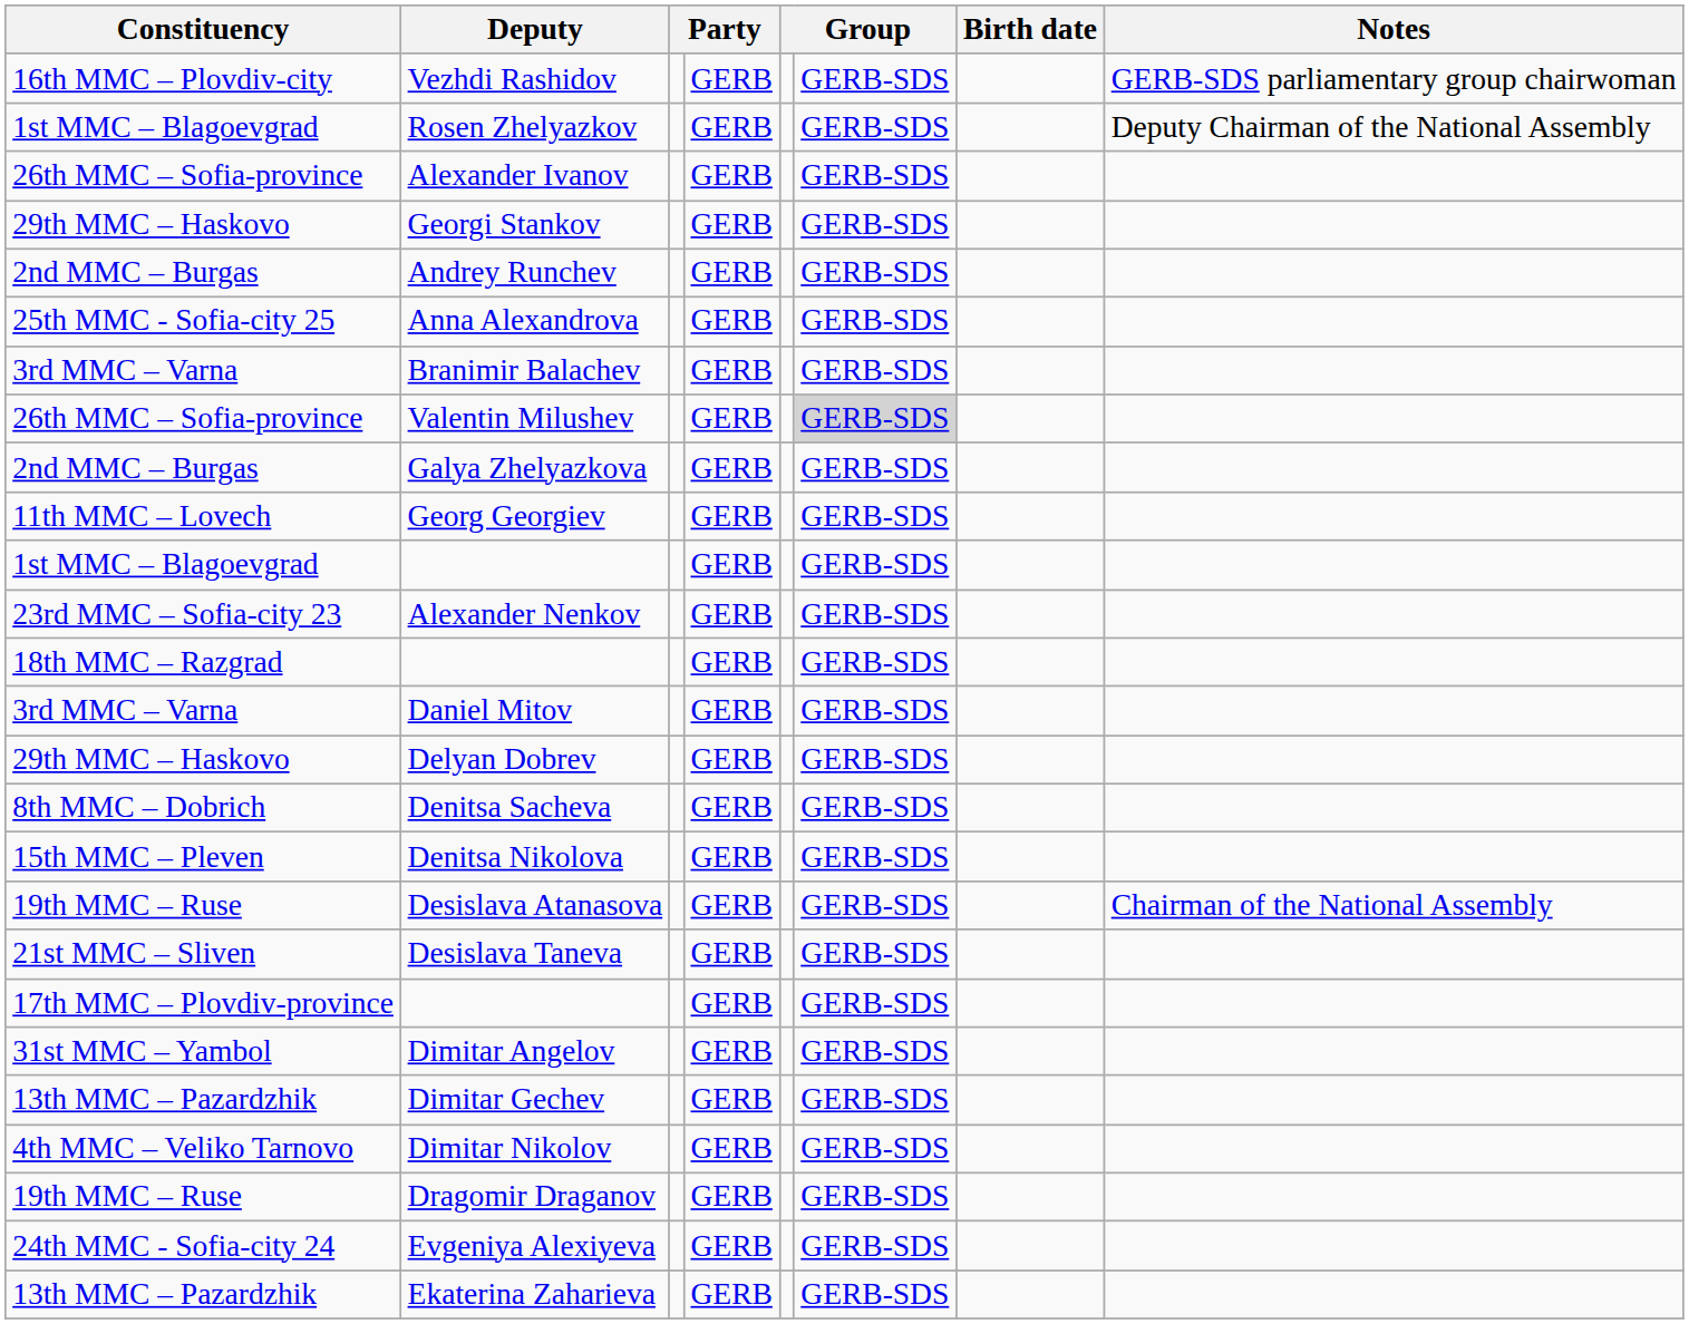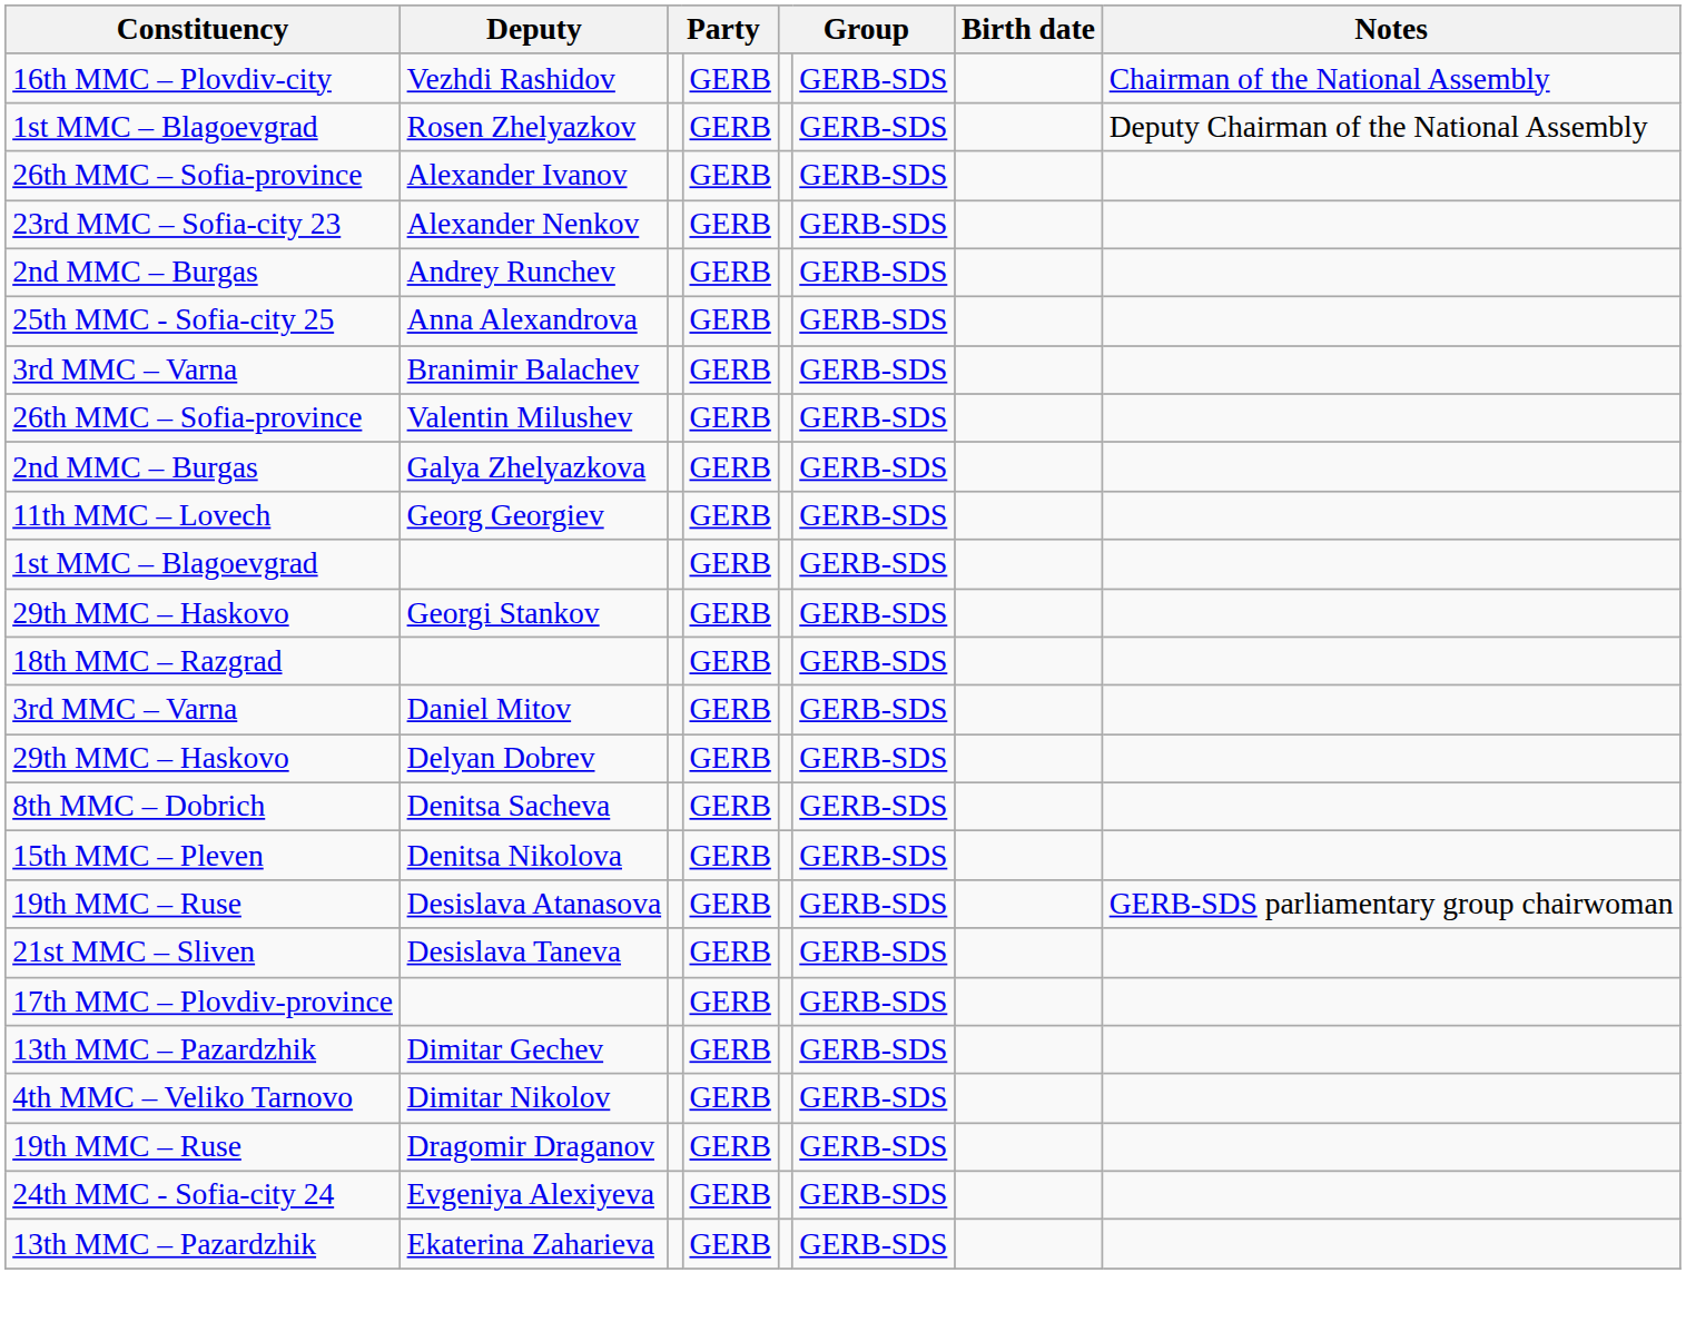 <table class="wikitable sortable" style="text-align:left">
 <tr>
 <th>Constituency</th>
 <th>Deputy</th>
 <th colspan="2">Party</th>
 <th colspan="2">Group</th>
 <th>Birth date</th>
 <th>Notes</th>
 </tr>
 <tr>
 <td><a href='#'>16th MMC – Plovdiv-city</a></td>
 <td><a href='#'>Vezhdi Rashidov</a></td>
 <td style="background: "></td>
 <td><a href='#'>GERB</a></td>
 <td style="background: "></td>
 <td><a href='#'>GERB-SDS</a></td>
 <td></td>
-<td><a href='#'>GERB-SDS</a> parliamentary group chairwoman</td>
+<td><a href='#'>Chairman of the National Assembly</a></td>
 </tr>
 <tr>
 <td><a href='#'>1st MMC – Blagoevgrad</a></td>
 <td><a href='#'>Rosen Zhelyazkov</a></td>
 <td style="background: "></td>
 <td><a href='#'>GERB</a></td>
 <td style="background: "></td>
 <td><a href='#'>GERB-SDS</a></td>
 <td></td>
 <td>Deputy Chairman of the National Assembly</td>
 </tr>
 <tr>
 <td><a href='#'>26th MMC – Sofia-province</a></td>
 <td><a href='#'>Alexander Ivanov</a></td>
 <td style="background: "></td>
 <td><a href='#'>GERB</a></td>
 <td style="background: "></td>
 <td><a href='#'>GERB-SDS</a></td>
 <td></td>
 <td></td>
 </tr>
 <tr>
-<td><a href='#'>29th MMC – Haskovo</a></td>
-<td><a href='#'>Georgi Stankov</a></td>
+<td><a href='#'>23rd MMC – Sofia-city 23</a></td>
+<td><a href='#'>Alexander Nenkov</a></td>
 <td style="background: "></td>
 <td><a href='#'>GERB</a></td>
 <td style="background: "></td>
 <td><a href='#'>GERB-SDS</a></td>
 <td></td>
 <td></td>
 </tr>
 <tr>
 <td><a href='#'>2nd MMC – Burgas</a></td>
 <td><a href='#'>Andrey Runchev</a></td>
 <td style="background: "></td>
 <td><a href='#'>GERB</a></td>
 <td style="background: "></td>
 <td><a href='#'>GERB-SDS</a></td>
 <td></td>
 <td></td>
 </tr>
 <tr>
 <td><a href='#'>25th MMC - Sofia-city 25</a></td>
 <td><a href='#'>Anna Alexandrova</a></td>
 <td style="background: "></td>
 <td><a href='#'>GERB</a></td>
 <td style="background: "></td>
 <td><a href='#'>GERB-SDS</a></td>
 <td></td>
 <td></td>
 </tr>
 <tr>
 <td><a href='#'>3rd MMC – Varna</a></td>
 <td><a href='#'>Branimir Balachev</a></td>
 <td style="background: "></td>
 <td><a href='#'>GERB</a></td>
 <td style="background: "></td>
 <td><a href='#'>GERB-SDS</a></td>
 <td></td>
 <td></td>
 </tr>
 <tr>
 <td><a href='#'>26th MMC – Sofia-province</a></td>
 <td><a href='#'>Valentin Milushev</a></td>
 <td style="background: "></td>
 <td><a href='#'>GERB</a></td>
 <td style="background: "></td>
-<td style="background: lightgrey;"><a href='#'>GERB-SDS</a></td>
+<td><a href='#'>GERB-SDS</a></td>
 <td></td>
 <td></td>
 </tr>
 <tr>
 <td><a href='#'>2nd MMC – Burgas</a></td>
 <td><a href='#'>Galya Zhelyazkova</a></td>
 <td style="background: "></td>
 <td><a href='#'>GERB</a></td>
 <td style="background: "></td>
 <td><a href='#'>GERB-SDS</a></td>
 <td></td>
 <td></td>
 </tr>
 <tr>
 <td><a href='#'>11th MMC – Lovech</a></td>
 <td><a href='#'>Georg Georgiev</a></td>
 <td style="background: "></td>
 <td><a href='#'>GERB</a></td>
 <td style="background: "></td>
 <td><a href='#'>GERB-SDS</a></td>
 <td></td>
 <td></td>
 </tr>
 <tr>
 <td><a href='#'>1st MMC – Blagoevgrad</a></td>
 <td></td>
 <td style="background: "></td>
 <td><a href='#'>GERB</a></td>
 <td style="background: "></td>
 <td><a href='#'>GERB-SDS</a></td>
 <td></td>
 <td></td>
 </tr>
 <tr>
-<td><a href='#'>23rd MMC – Sofia-city 23</a></td>
-<td><a href='#'>Alexander Nenkov</a></td>
+<td><a href='#'>29th MMC – Haskovo</a></td>
+<td><a href='#'>Georgi Stankov</a></td>
 <td style="background: "></td>
 <td><a href='#'>GERB</a></td>
 <td style="background: "></td>
 <td><a href='#'>GERB-SDS</a></td>
 <td></td>
 <td></td>
 </tr>
 <tr>
 <td><a href='#'>18th MMC – Razgrad</a></td>
 <td></td>
 <td style="background: "></td>
 <td><a href='#'>GERB</a></td>
 <td style="background: "></td>
 <td><a href='#'>GERB-SDS</a></td>
 <td></td>
 <td></td>
 </tr>
 <tr>
 <td><a href='#'>3rd MMC – Varna</a></td>
 <td><a href='#'>Daniel Mitov</a></td>
 <td style="background: "></td>
 <td><a href='#'>GERB</a></td>
 <td style="background: "></td>
 <td><a href='#'>GERB-SDS</a></td>
 <td></td>
 <td></td>
 </tr>
 <tr>
 <td><a href='#'>29th MMC – Haskovo</a></td>
 <td><a href='#'>Delyan Dobrev</a></td>
 <td style="background: "></td>
 <td><a href='#'>GERB</a></td>
 <td style="background: "></td>
 <td><a href='#'>GERB-SDS</a></td>
 <td></td>
 <td></td>
 </tr>
 <tr>
 <td><a href='#'>8th MMC – Dobrich</a></td>
 <td><a href='#'>Denitsa Sacheva</a></td>
 <td style="background: "></td>
 <td><a href='#'>GERB</a></td>
 <td style="background: "></td>
 <td><a href='#'>GERB-SDS</a></td>
 <td></td>
 <td></td>
 </tr>
 <tr>
 <td><a href='#'>15th MMC – Pleven</a></td>
 <td><a href='#'>Denitsa Nikolova</a></td>
 <td style="background: "></td>
 <td><a href='#'>GERB</a></td>
 <td style="background: "></td>
 <td><a href='#'>GERB-SDS</a></td>
 <td></td>
 <td></td>
 </tr>
 <tr>
 <td><a href='#'>19th MMC – Ruse</a></td>
 <td><a href='#'>Desislava Atanasova</a></td>
 <td style="background: "></td>
 <td><a href='#'>GERB</a></td>
 <td style="background: "></td>
 <td><a href='#'>GERB-SDS</a></td>
 <td></td>
-<td><a href='#'>Chairman of the National Assembly</a></td>
+<td><a href='#'>GERB-SDS</a> parliamentary group chairwoman</td>
 </tr>
 <tr>
 <td><a href='#'>21st MMC – Sliven</a></td>
 <td><a href='#'>Desislava Taneva</a></td>
 <td style="background: "></td>
 <td><a href='#'>GERB</a></td>
 <td style="background: "></td>
 <td><a href='#'>GERB-SDS</a></td>
 <td></td>
 <td></td>
 </tr>
 <tr>
 <td><a href='#'>17th MMC – Plovdiv-province</a></td>
 <td></td>
-<td style="background: "></td>
-<td><a href='#'>GERB</a></td>
-<td style="background: "></td>
-<td><a href='#'>GERB-SDS</a></td>
-<td></td>
-<td></td>
-</tr>
-<tr>
-<td><a href='#'>31st MMC – Yambol</a></td>
-<td><a href='#'>Dimitar Angelov</a></td>
 <td style="background: "></td>
 <td><a href='#'>GERB</a></td>
 <td style="background: "></td>
 <td><a href='#'>GERB-SDS</a></td>
 <td></td>
 <td></td>
 </tr>
 <tr>
 <td><a href='#'>13th MMC – Pazardzhik</a></td>
 <td><a href='#'>Dimitar Gechev</a></td>
 <td style="background: "></td>
 <td><a href='#'>GERB</a></td>
 <td style="background: "></td>
 <td><a href='#'>GERB-SDS</a></td>
 <td></td>
 <td></td>
 </tr>
 <tr>
 <td><a href='#'>4th MMC – Veliko Tarnovo</a></td>
 <td><a href='#'>Dimitar Nikolov</a></td>
 <td style="background: "></td>
 <td><a href='#'>GERB</a></td>
 <td style="background: "></td>
 <td><a href='#'>GERB-SDS</a></td>
 <td></td>
 <td></td>
 </tr>
 <tr>
 <td><a href='#'>19th MMC – Ruse</a></td>
 <td><a href='#'>Dragomir Draganov</a></td>
 <td style="background: "></td>
 <td><a href='#'>GERB</a></td>
 <td style="background: "></td>
 <td><a href='#'>GERB-SDS</a></td>
 <td></td>
 <td></td>
 </tr>
 <tr>
 <td><a href='#'>24th MMC - Sofia-city 24</a></td>
 <td><a href='#'>Evgeniya Alexiyeva</a></td>
 <td style="background: "></td>
 <td><a href='#'>GERB</a></td>
 <td style="background: "></td>
 <td><a href='#'>GERB-SDS</a></td>
 <td></td>
 <td></td>
 </tr>
 <tr>
 <td><a href='#'>13th MMC – Pazardzhik</a></td>
 <td><a href='#'>Ekaterina Zaharieva</a></td>
 <td style="background: "></td>
 <td><a href='#'>GERB</a></td>
 <td style="background: "></td>
 <td><a href='#'>GERB-SDS</a></td>
 <td></td>
 <td></td>
 </tr>
 </table>
